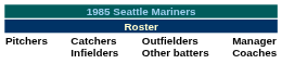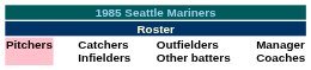 <table class="toccolours" style="font-size: 95%;">
 <tr>
 <th colspan="10" style="background-color: #005c5c; color: #9ECEEE; text-align: center;">1985 Seattle Mariners</th>
 </tr>
 <tr>
 <td colspan="10" style="background-color: #003366; color: #FFFDD0; text-align: center;"><strong>Roster</strong></td>
 </tr>
 <tr>
-<td valign="top"><strong>Pitchers</strong><br>                    </td>
+<td valign="top" style="background: pink;"><strong>Pitchers</strong><br>                    </td>
 <td width="25px"></td>
 <td valign="top"><strong>Catchers</strong><br>   <strong>Infielders</strong>        </td>
 <td width="25px"></td>
 <td valign="top"><strong>Outfielders</strong><br>       <strong>Other batters</strong>   </td>
 <td width="25px"></td>
 <td valign="top"><strong>Manager</strong><br> <strong>Coaches</strong>     </td>
 </tr>
 </table>
